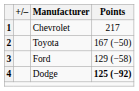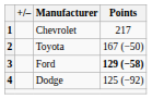 <table class="wikitable" style="font-size: 95%;">
 <tr>
 <th scope="col"></th>
 <th scope="col">+/–</th>
 <th scope="col">Manufacturer</th>
 <th scope="col">Points</th>
 </tr>
 <tr>
 <th scope="row">1</th>
 <td align="left"></td>
 <td>Chevrolet</td>
 <td style="text-align:center;">217</td>
 </tr>
 <tr>
 <th scope="row">2</th>
 <td align="left"></td>
 <td>Toyota</td>
 <td style="text-align:center;">167 (−50)</td>
 </tr>
 <tr>
 <th scope="row">3</th>
 <td align="left"></td>
 <td>Ford</td>
-<td style="text-align:center;">129 (−58)</td>
+<td style="text-align:center;"><strong>129 (−58)</strong></td>
 </tr>
 <tr>
 <th scope="row">4</th>
 <td align="left"></td>
 <td>Dodge</td>
-<td style="text-align:center;"><strong>125 (−92)</strong></td>
+<td style="text-align:center;">125 (−92)</td>
 </tr>
 <tr class="sortbottom">
 <td colspan="9"></td>
 </tr>
 </table>
